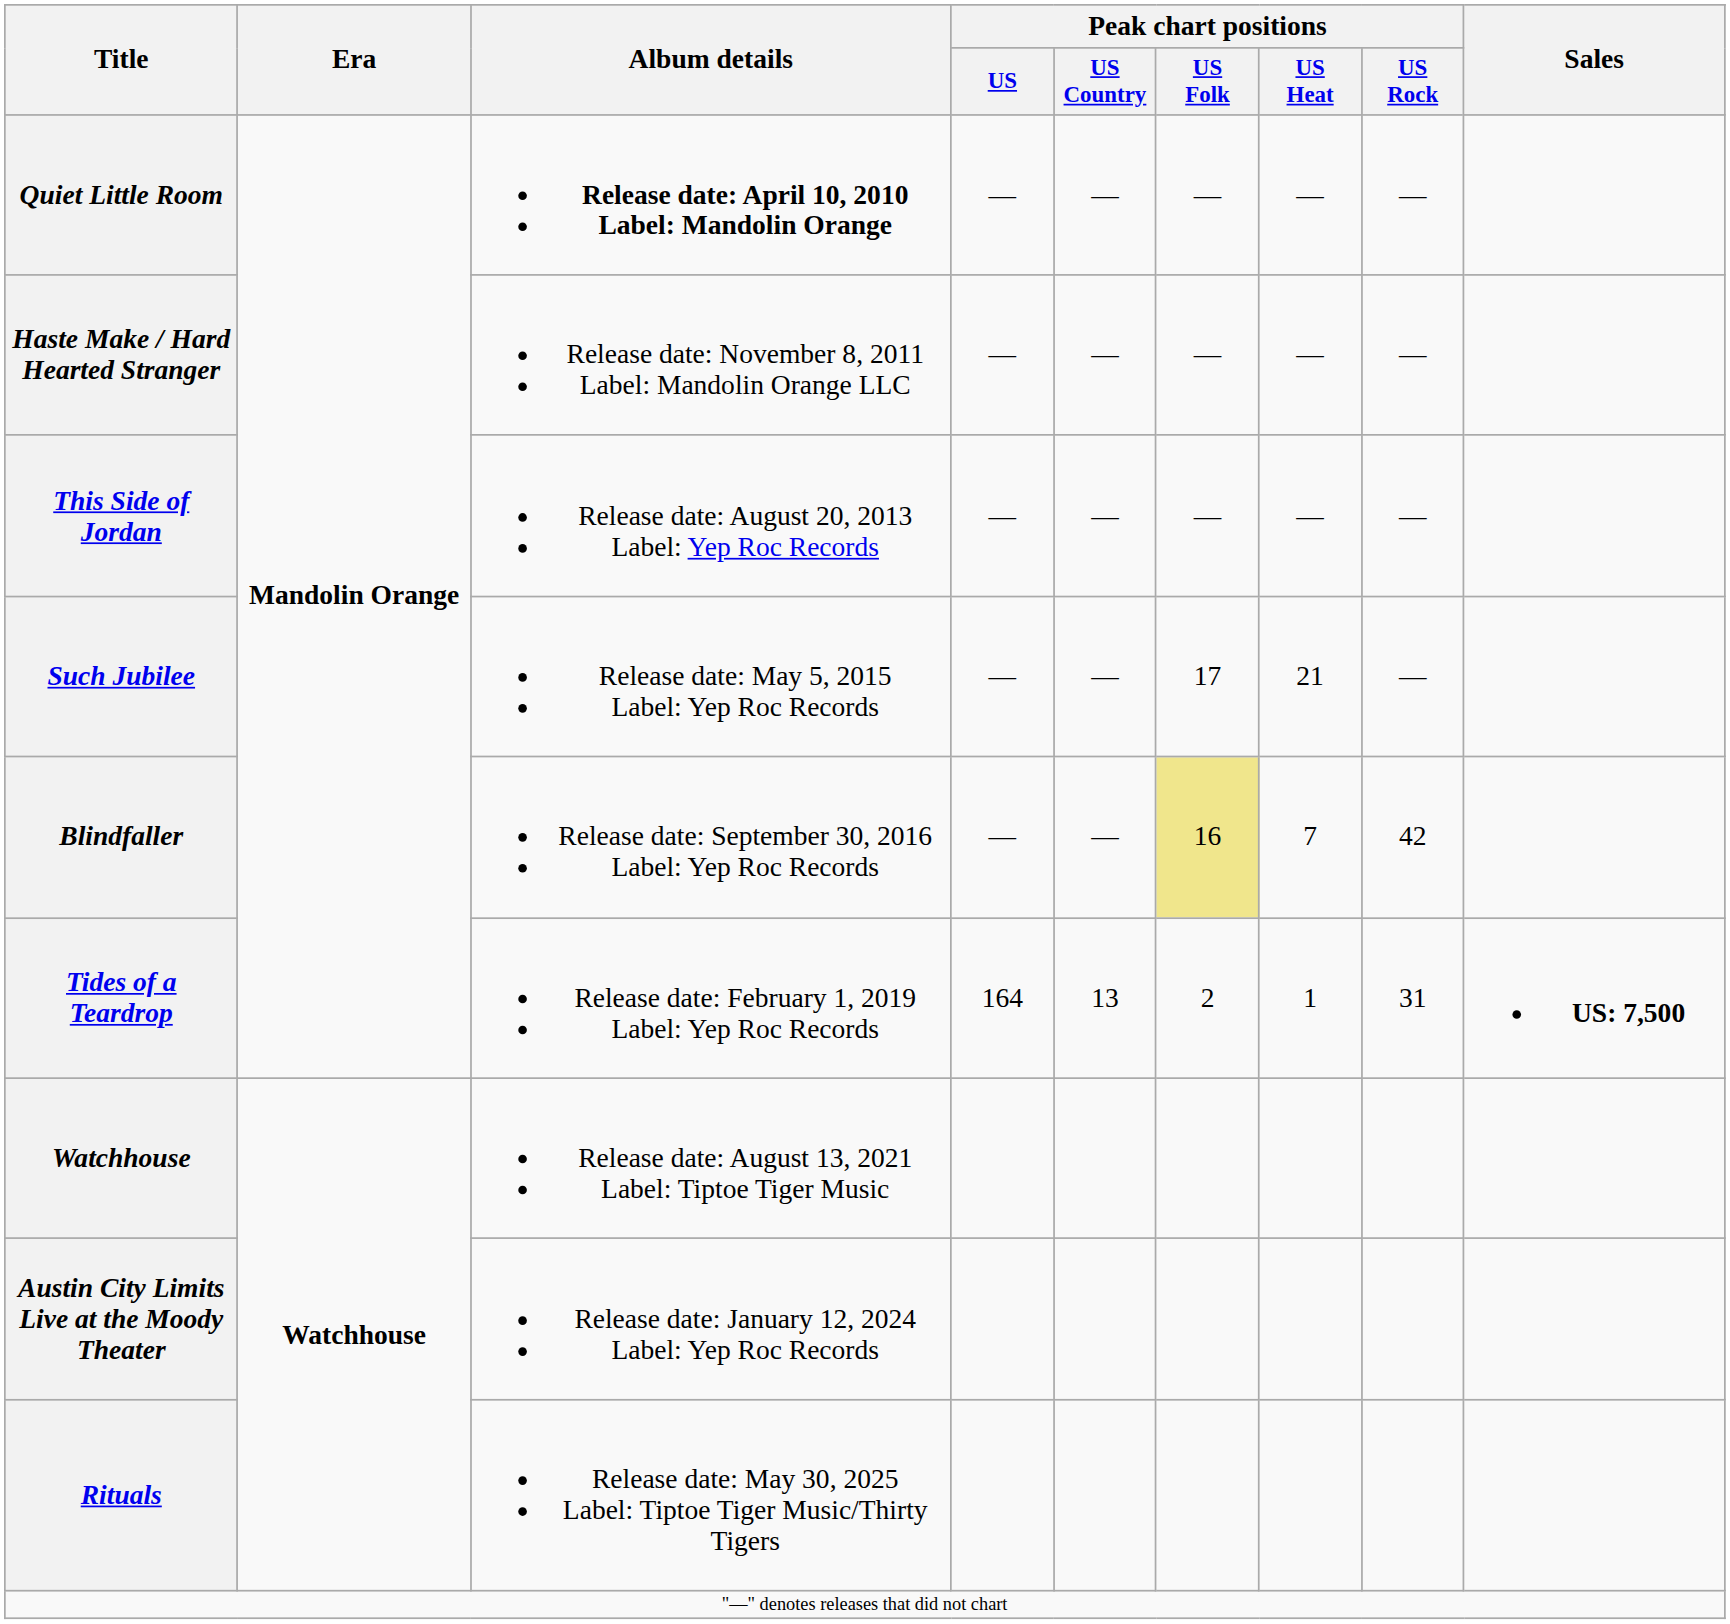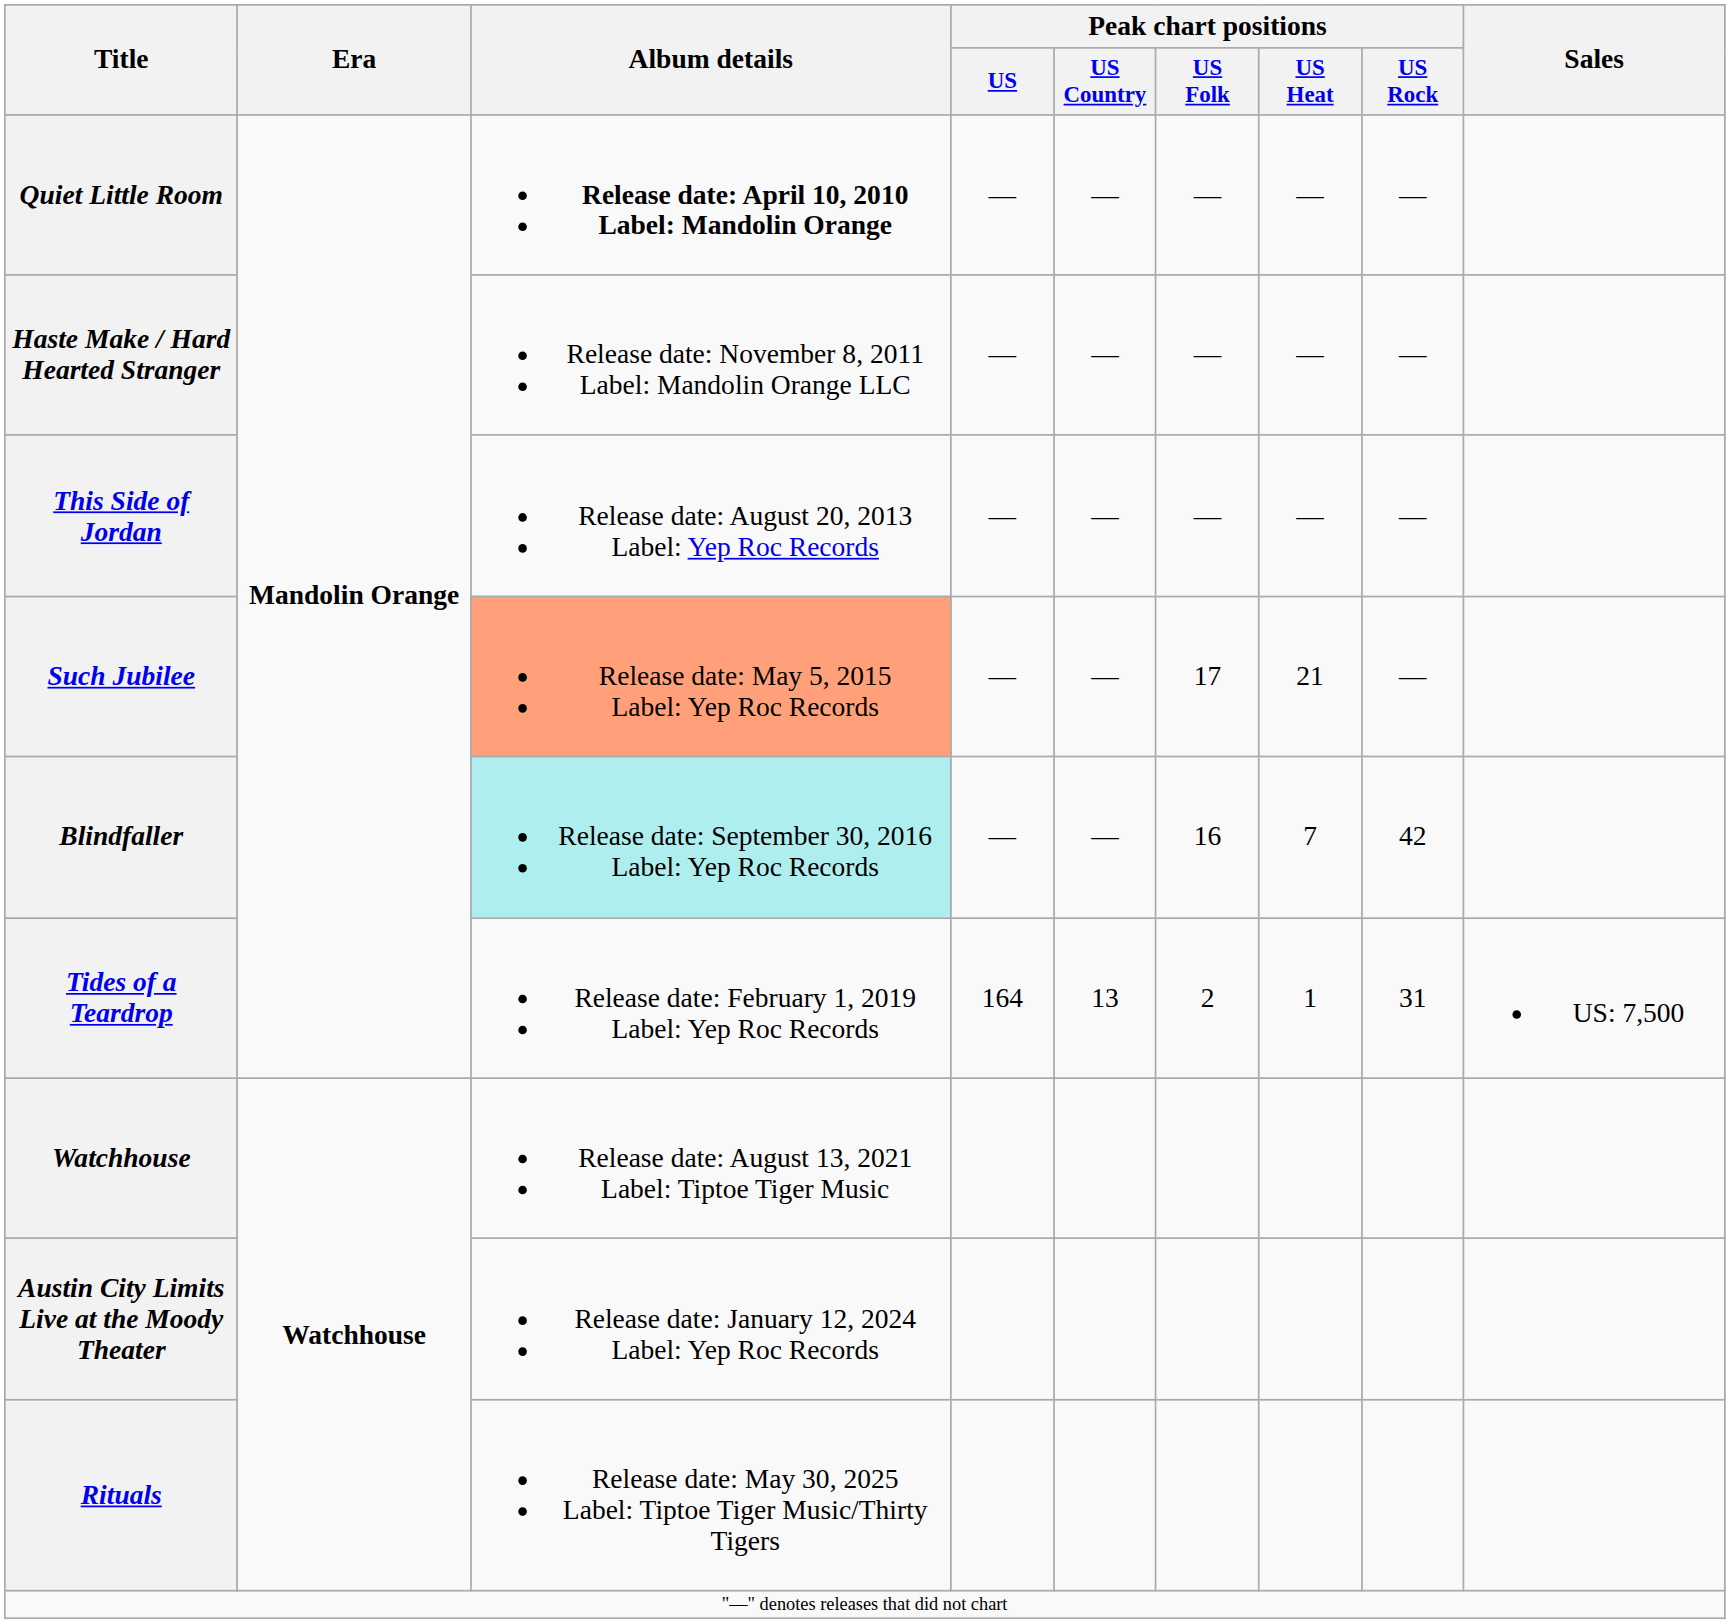 <table class="wikitable plainrowheaders" style="text-align:center;">
 <tr>
 <th rowspan="2" style="width:8em;">Title</th>
 <th rowspan="2" style="width:8em;">Era</th>
 <th rowspan="2" style="width:17em;">Album details</th>
 <th colspan="5">Peak chart positions</th>
 <th rowspan="2" style="width:9em;">Sales</th>
 </tr>
 <tr style="font-size:smaller;">
 <th style="width:4em;"><a href='#'>US</a><br></th>
 <th style="width:4em;"><a href='#'>US <br>Country</a><br></th>
 <th style="width:4em;"><a href='#'>US <br>Folk</a><br></th>
 <th style="width:4em;"><a href='#'>US<br> Heat</a><br></th>
 <th style="width:4em;"><a href='#'>US <br>Rock</a><br></th>
 </tr>
 <tr>
 <th scope="row"><em>Quiet Little Room</em></th>
 <td rowspan="6"><strong>Mandolin Orange</strong></td>
 <td><strong><br><ul><li>Release date: April 10, 2010</li><li>Label:  Mandolin Orange</li></ul></strong></td>
 <td>—</td>
 <td>—</td>
 <td>—</td>
 <td>—</td>
 <td>—</td>
 <td></td>
 </tr>
 <tr>
 <th scope="row"><em>Haste Make / Hard Hearted Stranger</em></th>
 <td><br><ul><li>Release date: November 8, 2011</li><li>Label:  Mandolin Orange LLC</li></ul></td>
 <td>—</td>
 <td>—</td>
 <td>—</td>
 <td>—</td>
 <td>—</td>
 <td></td>
 </tr>
 <tr>
 <th scope="row"><em><a href='#'>This Side of Jordan</a></em></th>
 <td><br><ul><li>Release date: August 20, 2013</li><li>Label: <a href='#'>Yep Roc Records</a></li></ul></td>
 <td>—</td>
 <td>—</td>
 <td>—</td>
 <td>—</td>
 <td>—</td>
 <td></td>
 </tr>
 <tr>
 <th scope="row"><em><a href='#'>Such Jubilee</a></em></th>
-<td><br><ul><li>Release date: May 5, 2015</li><li>Label: Yep Roc Records</li></ul></td>
+<td style="background: lightsalmon;"><br><ul><li>Release date: May 5, 2015</li><li>Label: Yep Roc Records</li></ul></td>
 <td>—</td>
 <td>—</td>
 <td>17</td>
 <td>21</td>
 <td>—</td>
 <td></td>
 </tr>
 <tr>
 <th scope="row"><em>Blindfaller</em></th>
-<td><br><ul><li>Release date: September 30, 2016</li><li>Label: Yep Roc Records</li></ul></td>
+<td style="background: paleturquoise;"><br><ul><li>Release date: September 30, 2016</li><li>Label: Yep Roc Records</li></ul></td>
 <td>—</td>
 <td>—</td>
-<td style="background: khaki;">16</td>
+<td>16</td>
 <td>7</td>
 <td>42</td>
 <td></td>
 </tr>
 <tr>
 <th scope="row"><em><a href='#'>Tides of a Teardrop</a></em></th>
 <td><br><ul><li>Release date: February 1, 2019</li><li>Label: Yep Roc Records</li></ul></td>
 <td>164</td>
 <td>13</td>
 <td>2</td>
 <td>1</td>
 <td>31</td>
-<td><strong><br><ul><li>US: 7,500</li></ul></strong></td>
+<td><br><ul><li>US: 7,500</li></ul></td>
 </tr>
 <tr>
 <th scope="row"><em>Watchhouse</em></th>
 <td rowspan="3"><strong>Watchhouse</strong></td>
 <td><br><ul><li>Release date: August 13, 2021</li><li>Label: Tiptoe Tiger Music</li></ul></td>
 <td></td>
 <td></td>
 <td></td>
 <td></td>
 <td></td>
 <td></td>
 </tr>
 <tr>
 <th scope="row"><em>Austin City Limits Live at the Moody Theater</em></th>
 <td><br><ul><li>Release date: January 12, 2024</li><li>Label: Yep Roc Records</li></ul></td>
 <td></td>
 <td></td>
 <td></td>
 <td></td>
 <td></td>
 <td></td>
 </tr>
 <tr>
 <th scope="row"><em><a href='#'>Rituals</a></em></th>
 <td><br><ul><li>Release date: May 30, 2025</li><li>Label: Tiptoe Tiger Music/Thirty Tigers</li></ul></td>
 <td></td>
 <td></td>
 <td></td>
 <td></td>
 <td></td>
 <td></td>
 </tr>
 <tr>
 <td colspan="19" style="font-size:8pt">"—" denotes releases that did not chart</td>
 </tr>
 </table>
